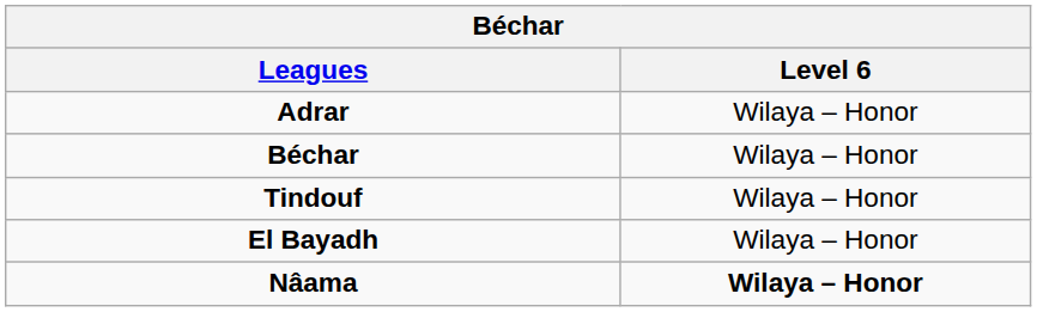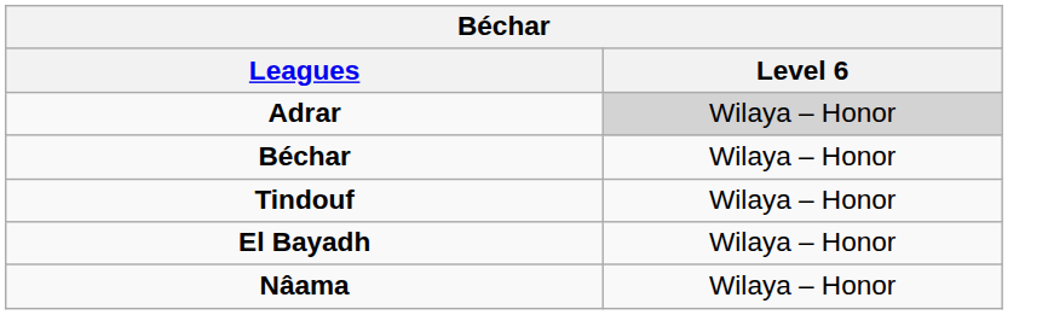 <table class="wikitable" style="text-align: center;">
 <tr>
 <th colspan=3>Béchar</th>
 </tr>
 <tr>
 <th width="30%"><a href='#'>Leagues</a></th>
 <th width="20%">Level 6</th>
 </tr>
 <tr>
 <td><strong>Adrar</strong></td>
-<td>Wilaya – Honor</td>
+<td style="background: lightgrey;">Wilaya – Honor</td>
 </tr>
 <tr>
 <td><strong>Béchar</strong></td>
 <td>Wilaya – Honor</td>
 </tr>
 <tr>
 <td><strong>Tindouf</strong></td>
 <td>Wilaya – Honor</td>
 </tr>
 <tr>
 <td><strong>El Bayadh</strong></td>
 <td>Wilaya – Honor</td>
 </tr>
 <tr>
 <td><strong>Nâama</strong></td>
-<td><strong>Wilaya – Honor</strong></td>
+<td>Wilaya – Honor</td>
 </tr>
 </table>
